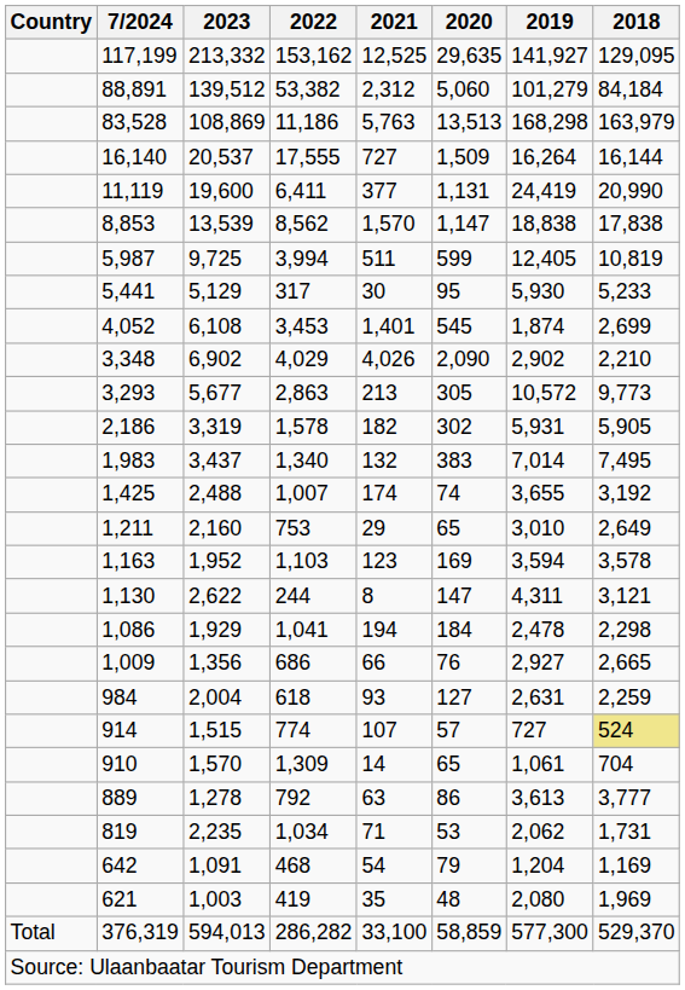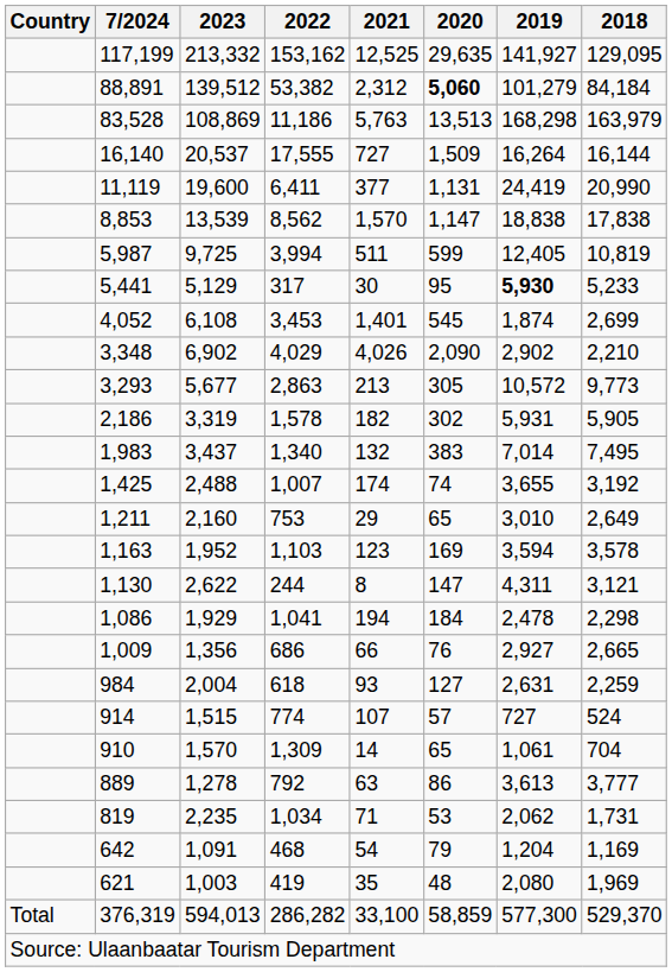 <table class="wikitable sortable">
 <tr>
 <th>Country</th>
 <th>7/2024</th>
 <th>2023</th>
 <th>2022</th>
 <th>2021</th>
 <th>2020</th>
 <th>2019</th>
 <th>2018</th>
 </tr>
 <tr>
 <td></td>
 <td>117,199</td>
 <td>213,332</td>
 <td>153,162</td>
 <td>12,525</td>
 <td>29,635</td>
 <td>141,927</td>
 <td>129,095</td>
 </tr>
 <tr>
 <td></td>
 <td>88,891</td>
 <td>139,512</td>
 <td>53,382</td>
 <td>2,312</td>
-<td>5,060</td>
+<td><strong>5,060</strong></td>
 <td>101,279</td>
 <td>84,184</td>
 </tr>
 <tr>
 <td></td>
 <td>83,528</td>
 <td>108,869</td>
 <td>11,186</td>
 <td>5,763</td>
 <td>13,513</td>
 <td>168,298</td>
 <td>163,979</td>
 </tr>
 <tr>
 <td></td>
 <td>16,140</td>
 <td>20,537</td>
 <td>17,555</td>
 <td>727</td>
 <td>1,509</td>
 <td>16,264</td>
 <td>16,144</td>
 </tr>
 <tr>
 <td></td>
 <td>11,119</td>
 <td>19,600</td>
 <td>6,411</td>
 <td>377</td>
 <td>1,131</td>
 <td>24,419</td>
 <td>20,990</td>
 </tr>
 <tr>
 <td></td>
 <td>8,853</td>
 <td>13,539</td>
 <td>8,562</td>
 <td>1,570</td>
 <td>1,147</td>
 <td>18,838</td>
 <td>17,838</td>
 </tr>
 <tr>
 <td></td>
 <td>5,987</td>
 <td>9,725</td>
 <td>3,994</td>
 <td>511</td>
 <td>599</td>
 <td>12,405</td>
 <td>10,819</td>
 </tr>
 <tr>
 <td></td>
 <td>5,441</td>
 <td>5,129</td>
 <td>317</td>
 <td>30</td>
 <td>95</td>
-<td>5,930</td>
+<td><strong>5,930</strong></td>
 <td>5,233</td>
 </tr>
 <tr>
 <td></td>
 <td>4,052</td>
 <td>6,108</td>
 <td>3,453</td>
 <td>1,401</td>
 <td>545</td>
 <td>1,874</td>
 <td>2,699</td>
 </tr>
 <tr>
 <td></td>
 <td>3,348</td>
 <td>6,902</td>
 <td>4,029</td>
 <td>4,026</td>
 <td>2,090</td>
 <td>2,902</td>
 <td>2,210</td>
 </tr>
 <tr>
 <td></td>
 <td>3,293</td>
 <td>5,677</td>
 <td>2,863</td>
 <td>213</td>
 <td>305</td>
 <td>10,572</td>
 <td>9,773</td>
 </tr>
 <tr>
 <td></td>
 <td>2,186</td>
 <td>3,319</td>
 <td>1,578</td>
 <td>182</td>
 <td>302</td>
 <td>5,931</td>
 <td>5,905</td>
 </tr>
 <tr>
 <td></td>
 <td>1,983</td>
 <td>3,437</td>
 <td>1,340</td>
 <td>132</td>
 <td>383</td>
 <td>7,014</td>
 <td>7,495</td>
 </tr>
 <tr>
 <td></td>
 <td>1,425</td>
 <td>2,488</td>
 <td>1,007</td>
 <td>174</td>
 <td>74</td>
 <td>3,655</td>
 <td>3,192</td>
 </tr>
 <tr>
 <td></td>
 <td>1,211</td>
 <td>2,160</td>
 <td>753</td>
 <td>29</td>
 <td>65</td>
 <td>3,010</td>
 <td>2,649</td>
 </tr>
 <tr>
 <td></td>
 <td>1,163</td>
 <td>1,952</td>
 <td>1,103</td>
 <td>123</td>
 <td>169</td>
 <td>3,594</td>
 <td>3,578</td>
 </tr>
 <tr>
 <td></td>
 <td>1,130</td>
 <td>2,622</td>
 <td>244</td>
 <td>8</td>
 <td>147</td>
 <td>4,311</td>
 <td>3,121</td>
 </tr>
 <tr>
 <td></td>
 <td>1,086</td>
 <td>1,929</td>
 <td>1,041</td>
 <td>194</td>
 <td>184</td>
 <td>2,478</td>
 <td>2,298</td>
 </tr>
 <tr>
 <td></td>
 <td>1,009</td>
 <td>1,356</td>
 <td>686</td>
 <td>66</td>
 <td>76</td>
 <td>2,927</td>
 <td>2,665</td>
 </tr>
 <tr>
 <td></td>
 <td>984</td>
 <td>2,004</td>
 <td>618</td>
 <td>93</td>
 <td>127</td>
 <td>2,631</td>
 <td>2,259</td>
 </tr>
 <tr>
 <td></td>
 <td>914</td>
 <td>1,515</td>
 <td>774</td>
 <td>107</td>
 <td>57</td>
 <td>727</td>
-<td style="background: khaki;">524</td>
+<td>524</td>
 </tr>
 <tr>
 <td></td>
 <td>910</td>
 <td>1,570</td>
 <td>1,309</td>
 <td>14</td>
 <td>65</td>
 <td>1,061</td>
 <td>704</td>
 </tr>
 <tr>
 <td></td>
 <td>889</td>
 <td>1,278</td>
 <td>792</td>
 <td>63</td>
 <td>86</td>
 <td>3,613</td>
 <td>3,777</td>
 </tr>
 <tr>
 <td></td>
 <td>819</td>
 <td>2,235</td>
 <td>1,034</td>
 <td>71</td>
 <td>53</td>
 <td>2,062</td>
 <td>1,731</td>
 </tr>
 <tr>
 <td></td>
 <td>642</td>
 <td>1,091</td>
 <td>468</td>
 <td>54</td>
 <td>79</td>
 <td>1,204</td>
 <td>1,169</td>
 </tr>
 <tr>
 <td></td>
 <td>621</td>
 <td>1,003</td>
 <td>419</td>
 <td>35</td>
 <td>48</td>
 <td>2,080</td>
 <td>1,969</td>
 </tr>
 <tr>
 <td>Total</td>
 <td>376,319</td>
 <td>594,013</td>
 <td>286,282</td>
 <td>33,100</td>
 <td>58,859</td>
 <td>577,300</td>
 <td>529,370</td>
 </tr>
 <tr>
 <td colspan="8">Source: Ulaanbaatar Tourism Department</td>
 </tr>
 </table>
